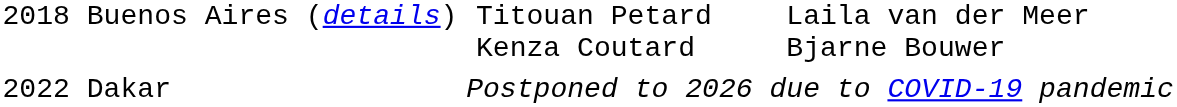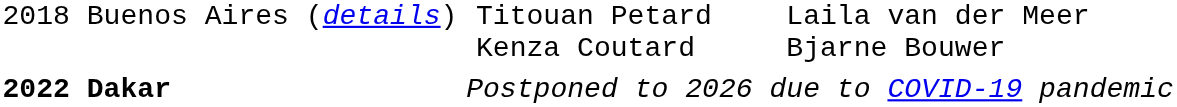 <table>
 <tr>
 <td> 2018 Buenos Aires (<em><a href='#'>details</a></em>)</td>
 <td><br><br></td>
 <td><br>Titouan Petard<br>Kenza Coutard</td>
 <td><br>Laila van der Meer<br>Bjarne Bouwer</td>
 </tr>
 <tr>
-<td> 2022 Dakar</td>
+<td><strong> 2022 Dakar</strong></td>
 <td colspan=3 align=center><em>Postponed to 2026 due to <a href='#'>COVID-19</a> pandemic</em></td>
 </tr>
 </table>
